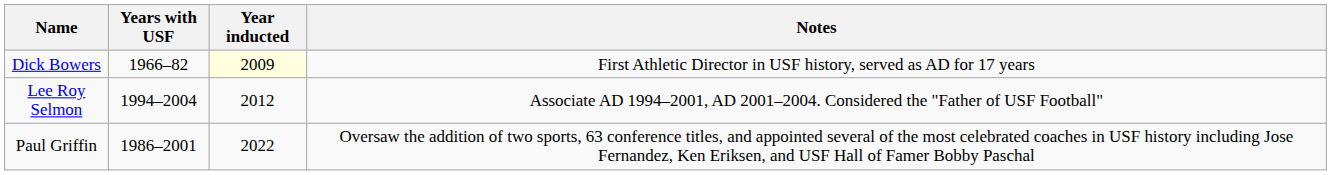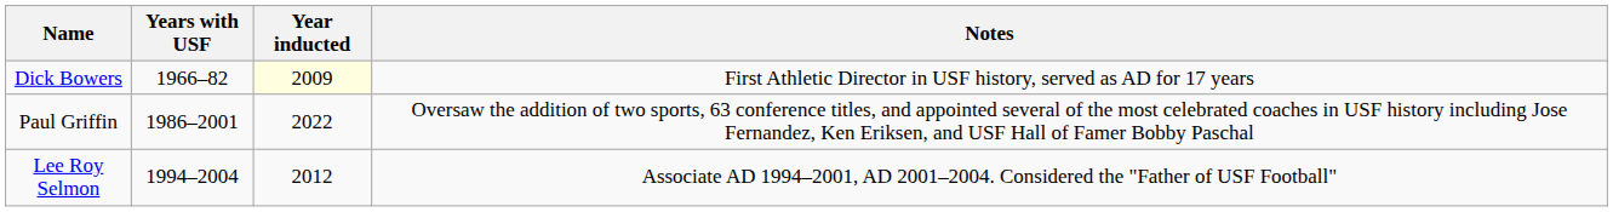 <table class="wikitable sortable" style="text-align:center;">
 <tr>
 <th style="text-align:center;">Name</th>
 <th style="text-align:center;">Years with USF</th>
 <th style="text-align:center;">Year inducted</th>
 <th style="text-align:center;">Notes</th>
 </tr>
 <tr>
 <td><a href='#'>Dick Bowers</a></td>
 <td>1966–82</td>
 <td style="background: lightyellow;">2009</td>
 <td>First Athletic Director in USF history, served as AD for 17 years</td>
 </tr>
 <tr>
+<td>Paul Griffin</td>
+<td>1986–2001</td>
+<td>2022</td>
+<td>Oversaw the addition of two sports, 63 conference titles, and appointed several of the most celebrated coaches in USF history including Jose Fernandez, Ken Eriksen, and USF Hall of Famer Bobby Paschal</td>
+</tr>
+<tr>
 <td><a href='#'>Lee Roy Selmon</a></td>
 <td>1994–2004</td>
 <td>2012</td>
 <td>Associate AD 1994–2001, AD 2001–2004. Considered the "Father of USF Football"</td>
 </tr>
-<tr>
-<td>Paul Griffin</td>
-<td>1986–2001</td>
-<td>2022</td>
-<td>Oversaw the addition of two sports, 63 conference titles, and appointed several of the most celebrated coaches in USF history including Jose Fernandez, Ken Eriksen, and USF Hall of Famer Bobby Paschal</td>
-</tr>
 </table>
